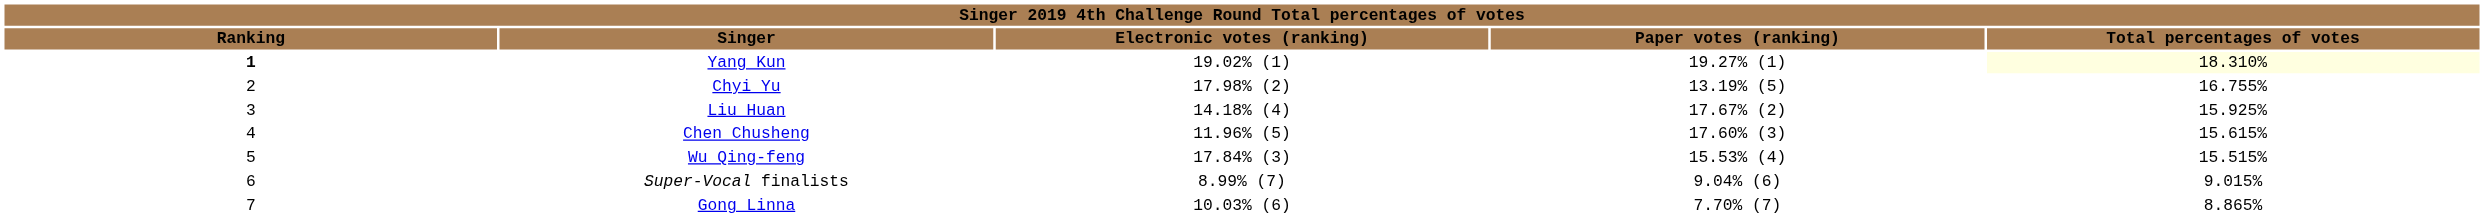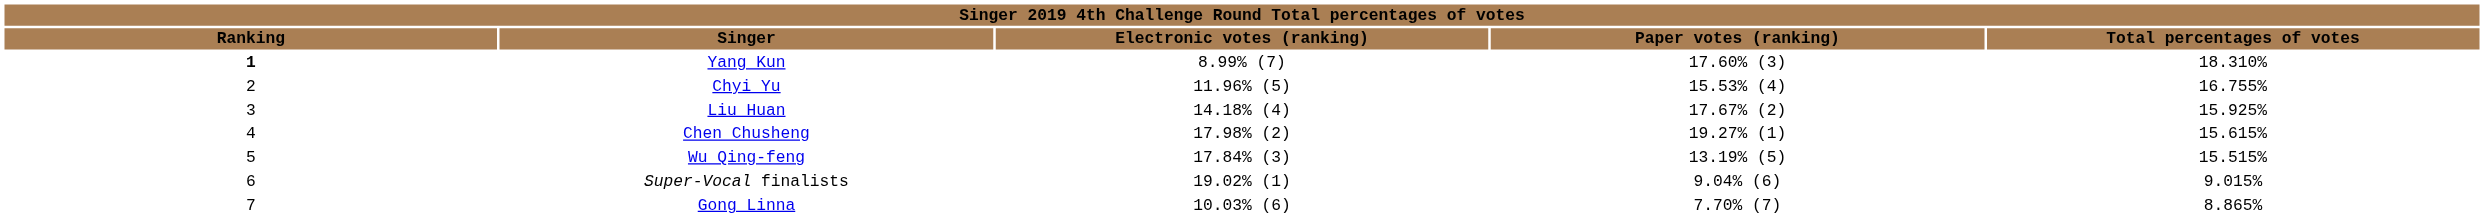 <table width="100%" style="text-align:center">
 <tr style="background:#AA7F54">
 <td colspan="5"><div><strong>Singer 2019 4th Challenge Round Total percentages of votes</strong></div></td>
 </tr>
 <tr style="background:#AA7F54">
 <td style="width:20%"><strong>Ranking</strong></td>
 <td style="width:20%"><strong>Singer</strong></td>
 <td style="width:20%"><strong>Electronic votes (ranking)</strong></td>
 <td style="width:20%"><strong>Paper votes (ranking)</strong></td>
 <td style="width:20%"><strong>Total percentages of votes</strong></td>
 </tr>
 <tr>
 <td><strong>1</strong></td>
 <td><a href='#'>Yang Kun</a></td>
-<td>19.02% (1)</td>
-<td>19.27% (1)</td>
-<td style="background: lightyellow;">18.310%</td>
+<td>8.99% (7)</td>
+<td>17.60% (3)</td>
+<td>18.310%</td>
 </tr>
 <tr>
 <td>2</td>
 <td><a href='#'>Chyi Yu</a></td>
-<td>17.98% (2)</td>
-<td>13.19% (5)</td>
+<td>11.96% (5)</td>
+<td>15.53% (4)</td>
 <td>16.755%</td>
 </tr>
 <tr>
 <td>3</td>
 <td><a href='#'>Liu Huan</a></td>
 <td>14.18% (4)</td>
 <td>17.67% (2)</td>
 <td>15.925%</td>
 </tr>
 <tr>
 <td>4</td>
 <td><a href='#'>Chen Chusheng</a></td>
-<td>11.96% (5)</td>
-<td>17.60% (3)</td>
+<td>17.98% (2)</td>
+<td>19.27% (1)</td>
 <td>15.615%</td>
 </tr>
 <tr>
 <td>5</td>
 <td><a href='#'>Wu Qing-feng</a></td>
 <td>17.84% (3)</td>
-<td>15.53% (4)</td>
+<td>13.19% (5)</td>
 <td>15.515%</td>
 </tr>
 <tr>
 <td>6</td>
 <td><em>Super-Vocal</em> finalists</td>
-<td>8.99% (7)</td>
+<td>19.02% (1)</td>
 <td>9.04% (6)</td>
 <td>9.015%</td>
 </tr>
 <tr>
 <td>7</td>
 <td><a href='#'>Gong Linna</a></td>
 <td>10.03% (6)</td>
 <td>7.70% (7)</td>
 <td>8.865%</td>
 </tr>
 </table>
